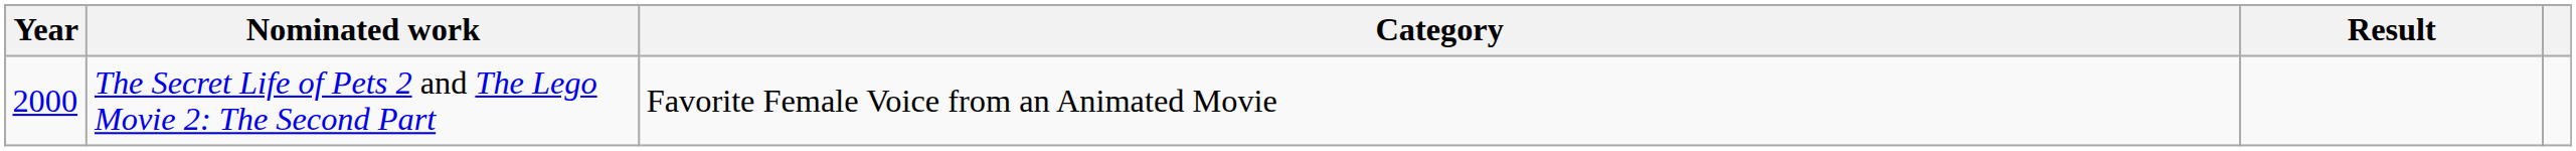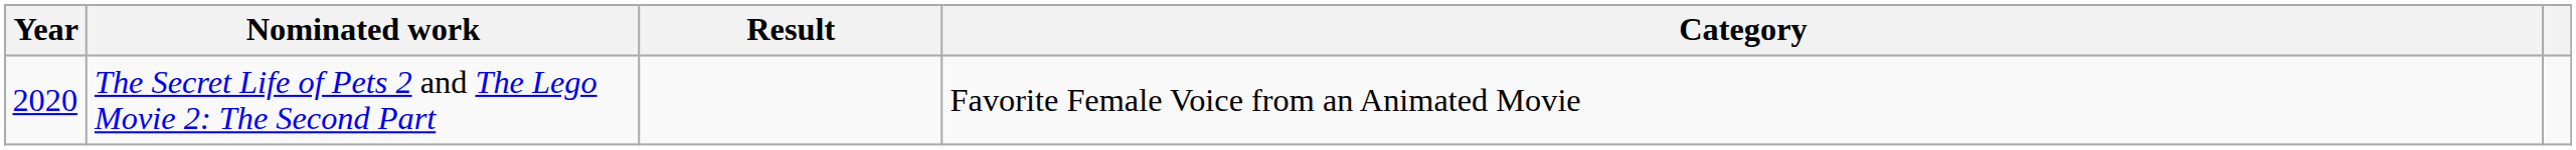 <table style="width:100%;" class="wikitable sortable">
 <tr>
 <th style="width:1%;" scope="col">Year</th>
 <th style="width:20%;" scope="col">Nominated work</th>
+<th style="width:11%;" scope="col">Result</th>
 <th style="width:58%;" scope="col">Category</th>
-<th style="width:11%;" scope="col">Result</th>
 <th style="width:1%;" scope="col"></th>
 </tr>
 <tr>
-<td><a href='#'>2000</a></td>
+<td><a href='#'>2020</a></td>
 <td><em><a href='#'>The Secret Life of Pets 2</a></em> and <em><a href='#'>The Lego Movie 2: The Second Part</a></em></td>
+<td></td>
 <td>Favorite Female Voice from an Animated Movie</td>
-<td></td>
 <td></td>
 </tr>
 </table>
